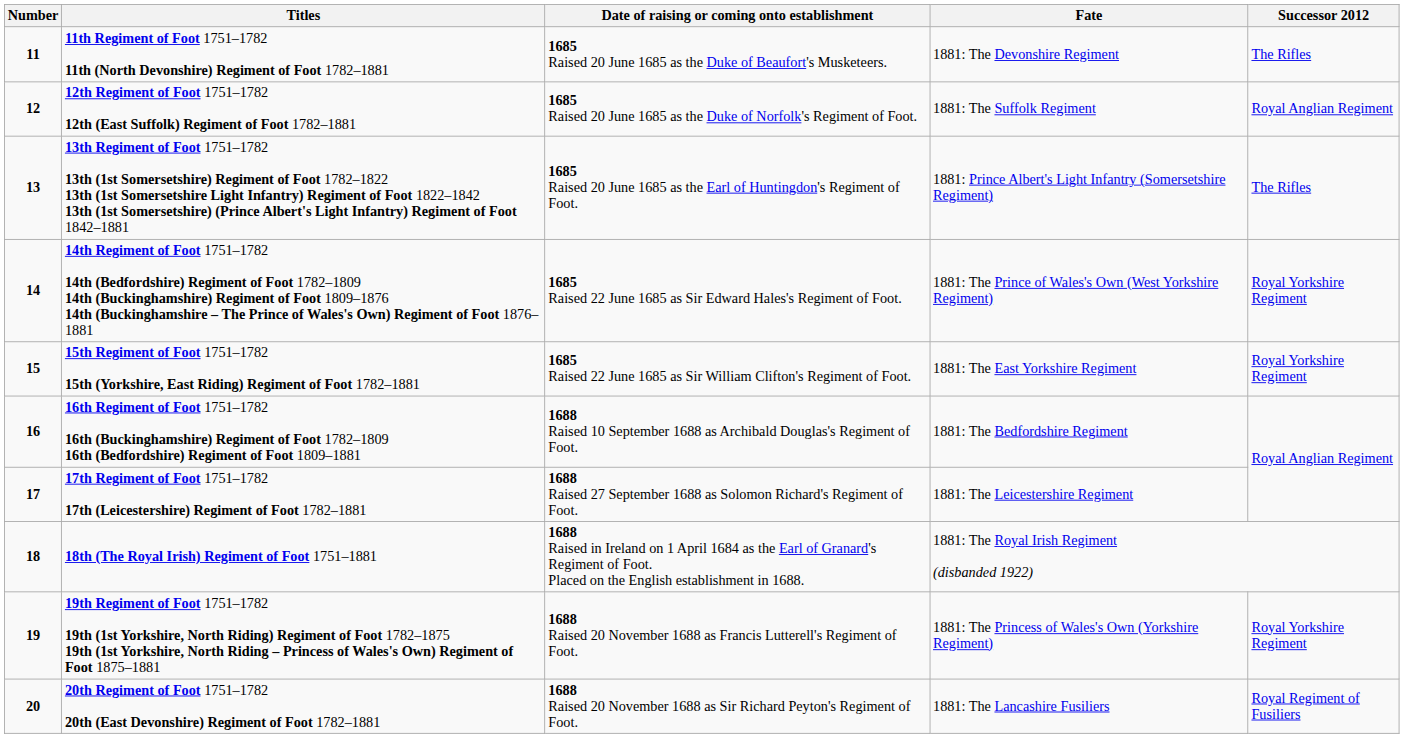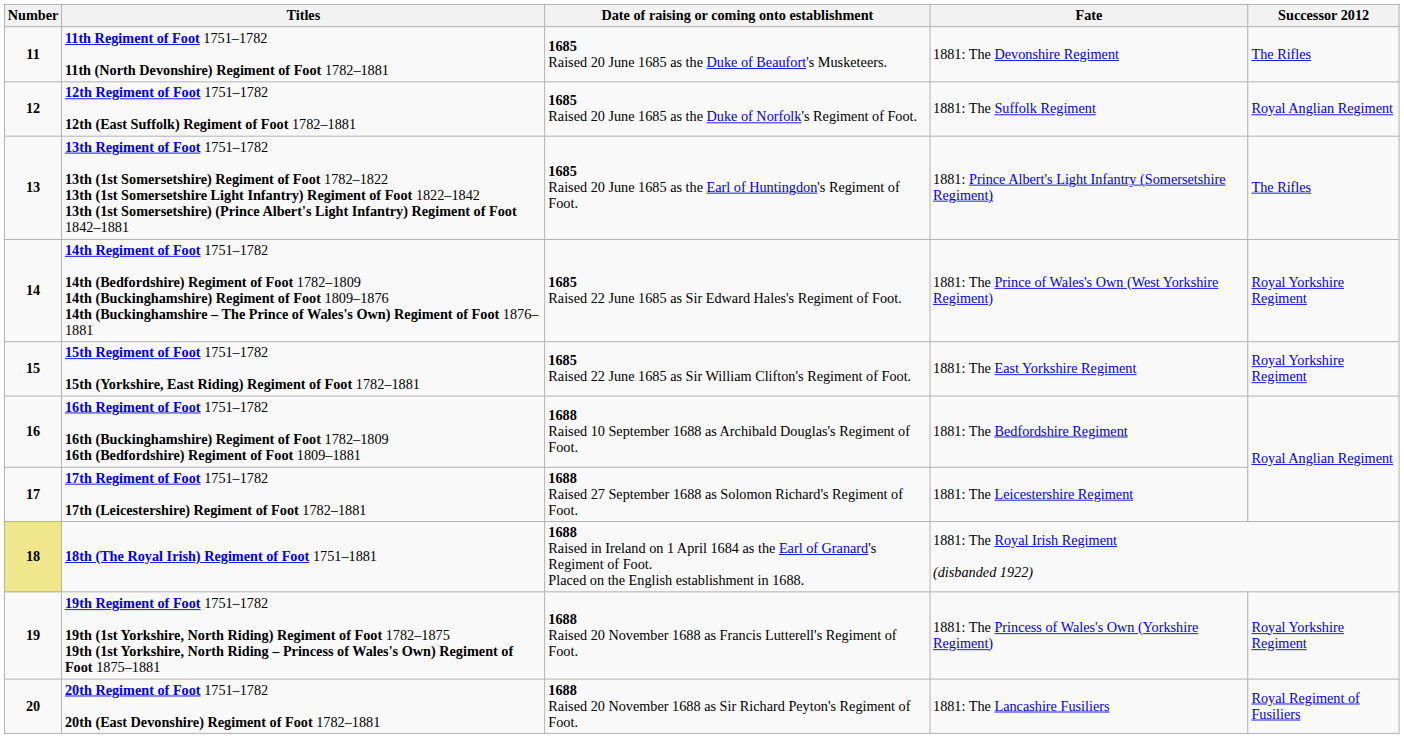 <table class="wikitable">
 <tr>
 <th>Number</th>
 <th>Titles</th>
 <th>Date of raising or coming onto establishment</th>
 <th>Fate</th>
 <th>Successor 2012</th>
 </tr>
 <tr>
 <td align=center valign=middle><strong>11</strong></td>
 <td><strong><a href='#'>11th Regiment of Foot</a></strong> 1751–1782<br><br><strong>11th (North Devonshire) Regiment of Foot</strong> 1782–1881</td>
 <td><strong>1685</strong><br>Raised 20 June 1685 as the <a href='#'>Duke of Beaufort</a>'s Musketeers.</td>
 <td>1881: The <a href='#'>Devonshire Regiment</a></td>
 <td><a href='#'>The Rifles</a></td>
 </tr>
 <tr>
 <td align=center valign=middle><strong>12</strong></td>
 <td><strong><a href='#'>12th Regiment of Foot</a></strong> 1751–1782<br><br><strong>12th (East Suffolk) Regiment of Foot</strong> 1782–1881</td>
 <td><strong>1685</strong><br>Raised 20 June 1685 as the <a href='#'>Duke of Norfolk</a>'s Regiment of Foot.</td>
 <td>1881: The <a href='#'>Suffolk Regiment</a></td>
 <td><a href='#'>Royal Anglian Regiment</a></td>
 </tr>
 <tr>
 <td align=center valign=middle><strong>13</strong></td>
 <td><strong><a href='#'>13th Regiment of Foot</a></strong> 1751–1782<br><br><strong>13th (1st Somersetshire) Regiment of Foot</strong> 1782–1822<br> <strong>13th (1st Somersetshire Light Infantry) Regiment of Foot</strong> 1822–1842<br> <strong>13th (1st Somersetshire) (Prince Albert's Light Infantry) Regiment of Foot</strong> 1842–1881</td>
 <td><strong>1685</strong><br>Raised 20 June 1685 as the <a href='#'>Earl of Huntingdon</a>'s Regiment of Foot.</td>
 <td>1881: <a href='#'>Prince Albert's Light Infantry (Somersetshire Regiment)</a></td>
 <td><a href='#'>The Rifles</a></td>
 </tr>
 <tr>
 <td align=center valign=middle><strong>14</strong></td>
 <td><strong><a href='#'>14th Regiment of Foot</a></strong> 1751–1782<br><br><strong>14th (Bedfordshire) Regiment of Foot</strong> 1782–1809<br> <strong>14th (Buckinghamshire) Regiment of Foot</strong> 1809–1876<br> <strong>14th (Buckinghamshire – The Prince of Wales's Own) Regiment of Foot</strong> 1876–1881</td>
 <td><strong>1685</strong><br>Raised 22 June 1685 as Sir Edward Hales's Regiment of Foot.</td>
 <td>1881: The <a href='#'>Prince of Wales's Own (West Yorkshire Regiment)</a></td>
 <td><a href='#'>Royal Yorkshire Regiment</a></td>
 </tr>
 <tr>
 <td align=center valign=middle><strong>15</strong></td>
 <td><strong><a href='#'>15th Regiment of Foot</a></strong> 1751–1782<br><br><strong>15th (Yorkshire, East Riding) Regiment of Foot</strong> 1782–1881</td>
 <td><strong>1685</strong><br>Raised 22 June 1685 as Sir William Clifton's Regiment of Foot.</td>
 <td>1881: The <a href='#'>East Yorkshire Regiment</a></td>
 <td><a href='#'>Royal Yorkshire Regiment</a></td>
 </tr>
 <tr>
 <td align=center valign=middle><strong>16</strong></td>
 <td><strong><a href='#'>16th Regiment of Foot</a></strong> 1751–1782<br><br><strong>16th (Buckinghamshire) Regiment of Foot</strong> 1782–1809<br> <strong>16th (Bedfordshire) Regiment of Foot</strong> 1809–1881</td>
 <td><strong>1688</strong><br>Raised 10 September 1688 as Archibald Douglas's Regiment of Foot.</td>
 <td>1881: The <a href='#'>Bedfordshire Regiment</a></td>
 <td rowspan=2><a href='#'>Royal Anglian Regiment</a></td>
 </tr>
 <tr>
 <td align=center valign=middle><strong>17</strong></td>
 <td><strong><a href='#'>17th Regiment of Foot</a></strong> 1751–1782<br><br><strong>17th (Leicestershire) Regiment of Foot</strong> 1782–1881</td>
 <td><strong>1688</strong><br>Raised 27 September 1688 as Solomon Richard's Regiment of Foot.</td>
 <td>1881: The <a href='#'>Leicestershire Regiment</a></td>
 </tr>
 <tr>
-<td align=center valign=middle><strong>18</strong></td>
+<td align=center valign=middle style="background: khaki;"><strong>18</strong></td>
 <td><strong><a href='#'>18th (The Royal Irish) Regiment of Foot</a></strong> 1751–1881</td>
 <td><strong>1688</strong><br>Raised in Ireland on 1 April 1684 as the <a href='#'>Earl of Granard</a>'s Regiment of Foot.<br>Placed on the English establishment in 1688.</td>
 <td colspan="2">1881: The <a href='#'>Royal Irish Regiment</a><br><br><em>(disbanded 1922)</em></td>
 </tr>
 <tr>
 <td align=center valign=middle><strong>19</strong></td>
 <td><strong><a href='#'>19th Regiment of Foot</a></strong> 1751–1782<br><br><strong>19th (1st Yorkshire, North Riding) Regiment of Foot</strong> 1782–1875<br> <strong>19th (1st Yorkshire, North Riding – Princess of Wales's Own) Regiment of Foot</strong> 1875–1881</td>
 <td><strong>1688</strong><br>Raised 20 November 1688 as Francis Lutterell's Regiment of Foot.</td>
 <td>1881: The <a href='#'>Princess of Wales's Own (Yorkshire Regiment)</a></td>
 <td><a href='#'>Royal Yorkshire Regiment</a></td>
 </tr>
 <tr>
 <td align=center valign=middle><strong>20</strong></td>
 <td><strong><a href='#'>20th Regiment of Foot</a></strong> 1751–1782<br><br><strong>20th (East Devonshire) Regiment of Foot</strong> 1782–1881</td>
 <td><strong>1688</strong><br>Raised 20 November 1688 as Sir Richard Peyton's Regiment of Foot.</td>
 <td>1881: The <a href='#'>Lancashire Fusiliers</a></td>
 <td><a href='#'>Royal Regiment of Fusiliers</a></td>
 </tr>
 </table>
